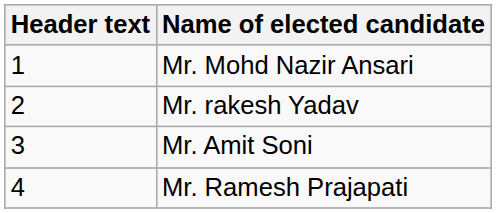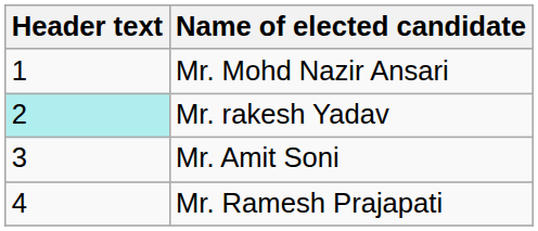 <table class="wikitable">
 <tr>
 <th>Header text</th>
 <th>Name of elected candidate</th>
 </tr>
 <tr>
 <td>1</td>
 <td>Mr. Mohd Nazir Ansari</td>
 </tr>
 <tr>
-<td>2</td>
+<td style="background: paleturquoise;">2</td>
 <td>Mr. rakesh Yadav</td>
 </tr>
 <tr>
 <td>3</td>
 <td>Mr. Amit Soni</td>
 </tr>
 <tr>
 <td>4</td>
 <td>Mr. Ramesh Prajapati</td>
 </tr>
 </table>
